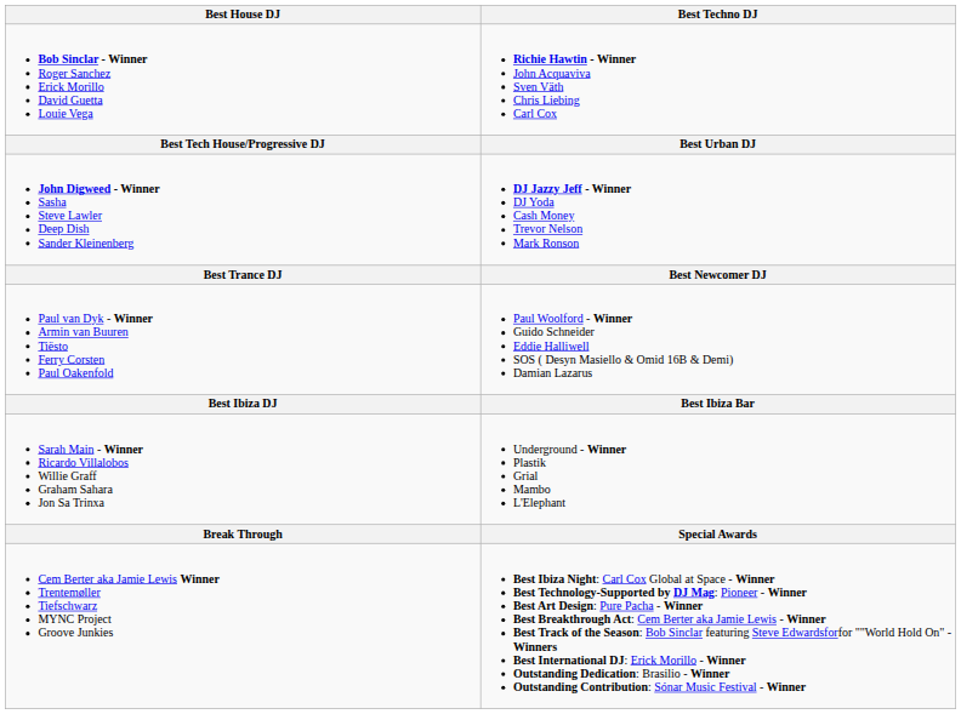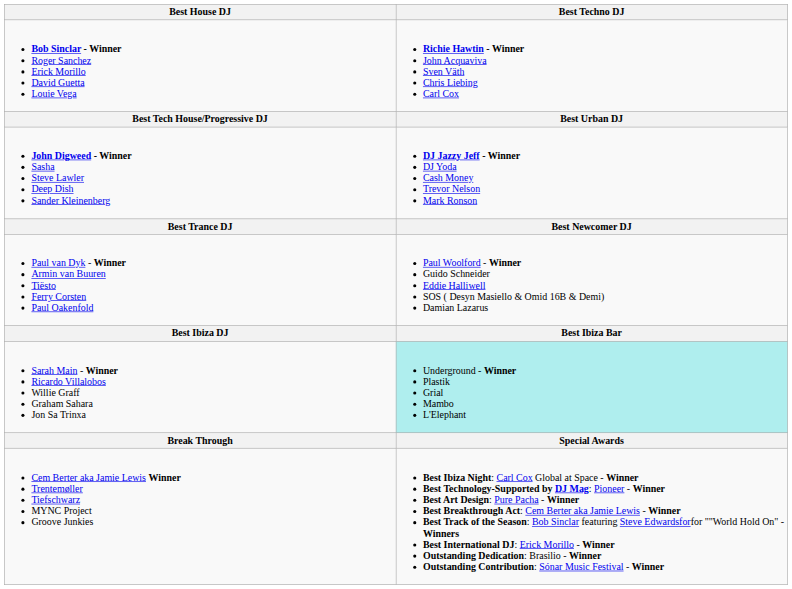 <table class=wikitable width="100%">
 <tr>
 <th width="50%"><strong>Best House DJ</strong></th>
 <th width="50%"><strong>Best Techno DJ</strong></th>
 </tr>
 <tr>
 <td valign="top"><br><ul><li><strong> <a href='#'>Bob Sinclar</a> - Winner</strong></li><li><a href='#'>Roger Sanchez</a></li><li><a href='#'>Erick Morillo</a></li><li><a href='#'>David Guetta</a></li><li><a href='#'>Louie Vega</a></li></ul></td>
 <td valign="top"><br><ul><li><strong> <a href='#'>Richie Hawtin</a> - Winner</strong></li><li><a href='#'>John Acquaviva</a></li><li><a href='#'>Sven Väth</a></li><li><a href='#'>Chris Liebing</a></li><li><a href='#'>Carl Cox</a></li></ul></td>
 </tr>
 <tr>
 <th width="50%"><strong>Best Tech House/Progressive DJ</strong></th>
 <th width="50%"><strong>Best Urban DJ</strong></th>
 </tr>
 <tr>
 <td valign="top"><br><ul><li><strong> <a href='#'>John Digweed</a> - Winner</strong></li><li><a href='#'>Sasha</a></li><li><a href='#'>Steve Lawler</a></li><li><a href='#'>Deep Dish</a></li><li><a href='#'>Sander Kleinenberg</a></li></ul></td>
 <td valign="top"><br><ul><li><strong> <a href='#'>DJ Jazzy Jeff</a> - Winner</strong></li><li><a href='#'>DJ Yoda</a></li><li><a href='#'>Cash Money</a></li><li><a href='#'>Trevor Nelson</a></li><li><a href='#'>Mark Ronson</a></li></ul></td>
 </tr>
 <tr>
 <th width="50%"><strong>Best Trance DJ</strong></th>
 <th width="50%"><strong>Best Newcomer DJ</strong></th>
 </tr>
 <tr>
 <td valign="top"><br><ul><li> <a href='#'>Paul van Dyk</a> - <strong>Winner</strong></li><li><a href='#'>Armin van Buuren</a></li><li><a href='#'>Tiësto</a></li><li><a href='#'>Ferry Corsten</a></li><li><a href='#'>Paul Oakenfold</a></li></ul></td>
 <td valign="top"><br><ul><li> <a href='#'>Paul Woolford</a> - <strong>Winner</strong></li><li>Guido Schneider</li><li><a href='#'>Eddie Halliwell</a></li><li>SOS ( Desyn Masiello & Omid 16B & Demi)</li><li>Damian Lazarus</li></ul></td>
 </tr>
 <tr>
 <th width="50%"><strong>Best Ibiza DJ</strong></th>
 <th width="50%"><strong>Best Ibiza Bar</strong></th>
 </tr>
 <tr>
 <td valign="top"><br><ul><li> <a href='#'>Sarah Main</a> - <strong>Winner</strong></li><li><a href='#'>Ricardo Villalobos</a></li><li>Willie Graff</li><li>Graham Sahara</li><li>Jon Sa Trinxa</li></ul></td>
-<td valign="top"><br><ul><li> Underground - <strong>Winner</strong></li><li>Plastik</li><li>Grial</li><li>Mambo</li><li>L'Elephant</li></ul></td>
+<td valign="top" style="background: paleturquoise;"><br><ul><li> Underground - <strong>Winner</strong></li><li>Plastik</li><li>Grial</li><li>Mambo</li><li>L'Elephant</li></ul></td>
 </tr>
 <tr>
 <th width="50%"><strong>Break Through</strong></th>
 <th width="50%"><strong>Special Awards</strong></th>
 </tr>
 <tr>
 <td valign="top"><br><ul><li> <a href='#'>Cem Berter aka Jamie Lewis</a> <strong>Winner</strong></li><li><a href='#'>Trentemøller</a></li><li><a href='#'>Tiefschwarz</a></li><li>MYNC Project</li><li>Groove Junkies</li></ul></td>
 <td valign="top"><br><ul><li><strong>Best Ibiza Night</strong>:  <a href='#'>Carl Cox</a> Global at Space - <strong>Winner</strong></li><li><strong>Best Technology-Supported by <a href='#'>DJ Mag</a></strong>:  <a href='#'>Pioneer</a> - <strong>Winner</strong></li><li><strong>Best Art Design</strong>:  <a href='#'>Pure Pacha</a> - <strong>Winner</strong></li><li><strong>Best Breakthrough Act</strong>:  <a href='#'>Cem Berter aka Jamie Lewis</a> - <strong>Winner</strong></li><li><strong>Best Track of the Season</strong>:  <a href='#'>Bob Sinclar</a> featuring  <a href='#'>Steve Edwardsfor</a>for ""World Hold On" - <strong>Winners</strong></li><li><strong>Best International DJ</strong>:  <a href='#'>Erick Morillo</a> - <strong>Winner</strong></li><li><strong>Outstanding Dedication</strong>:  Brasilio - <strong>Winner</strong></li><li><strong>Outstanding Contribution</strong>:  <a href='#'>Sónar Music Festival</a> - <strong>Winner</strong></li></ul></td>
 </tr>
 </table>
